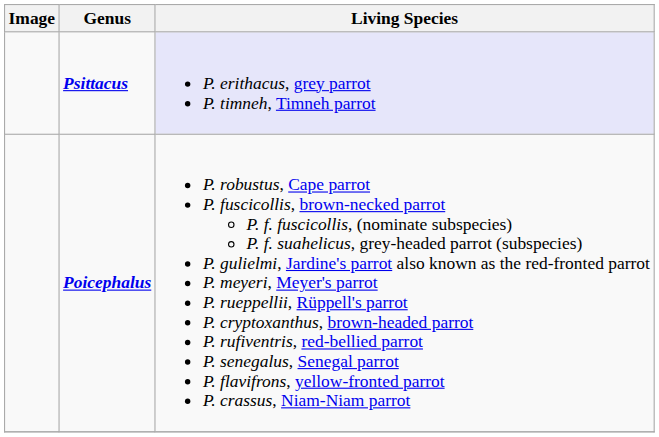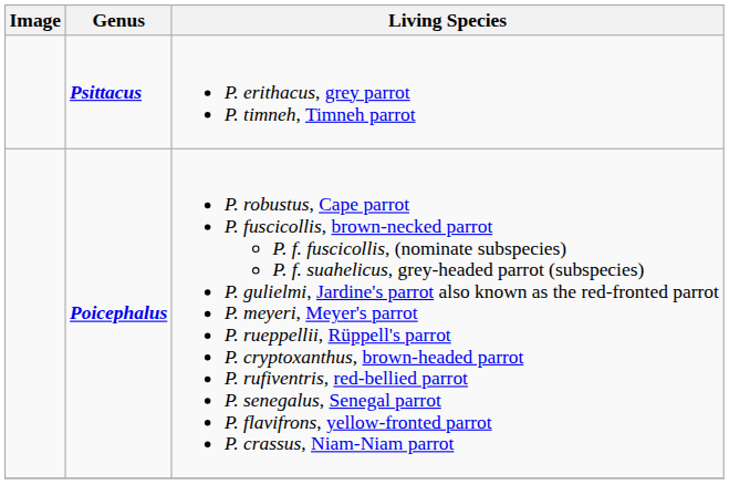 <table class="wikitable">
 <tr>
 <th>Image</th>
 <th>Genus</th>
 <th>Living Species</th>
 </tr>
 <tr>
 <td></td>
 <td><strong><em><a href='#'>Psittacus</a></em></strong> </td>
-<td style="background: lavender;"><br><ul><li><em>P. erithacus</em>, <a href='#'>grey parrot</a></li><li><em>P. timneh</em>, <a href='#'>Timneh parrot</a></li></ul></td>
+<td><br><ul><li><em>P. erithacus</em>, <a href='#'>grey parrot</a></li><li><em>P. timneh</em>, <a href='#'>Timneh parrot</a></li></ul></td>
 </tr>
 <tr>
 <td></td>
 <td><strong><em><a href='#'>Poicephalus</a></em></strong> </td>
 <td><br><ul><li><em>P. robustus</em>, <a href='#'>Cape parrot</a></li><li><em>P. fuscicollis</em>, <a href='#'>brown-necked parrot</a><ul><li><em>P. f. fuscicollis</em>, (nominate subspecies)</li><li><em>P. f. suahelicus</em>, grey-headed parrot (subspecies)</li></ul></li><li><em>P. gulielmi</em>, <a href='#'>Jardine's parrot</a> also known as the red-fronted parrot</li><li><em>P. meyeri</em>, <a href='#'>Meyer's parrot</a></li><li><em>P. rueppellii</em>, <a href='#'>Rüppell's parrot</a></li><li><em>P. cryptoxanthus</em>, <a href='#'>brown-headed parrot</a></li><li><em>P. rufiventris</em>, <a href='#'>red-bellied parrot</a></li><li><em>P. senegalus</em>, <a href='#'>Senegal parrot</a></li><li><em>P. flavifrons</em>, <a href='#'>yellow-fronted parrot</a></li><li><em>P. crassus</em>, <a href='#'>Niam-Niam parrot</a></li></ul></td>
 </tr>
 <tr>
 </tr>
 </table>
